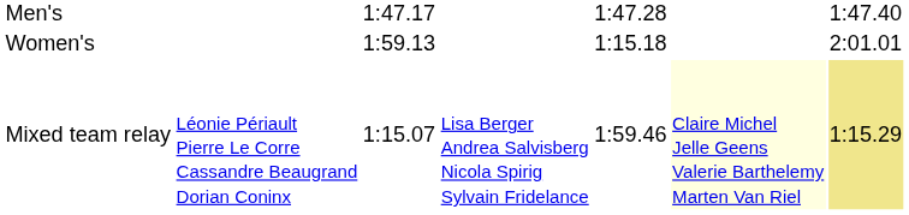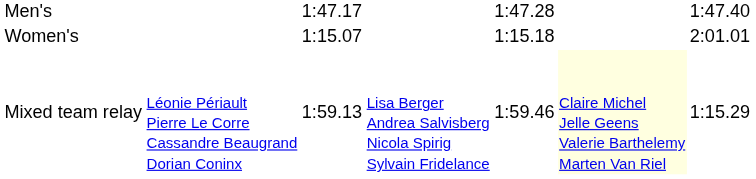 <table>
 <tr>
 <td>Men's</td>
 <td></td>
 <td>1:47.17</td>
 <td></td>
 <td>1:47.28</td>
 <td></td>
 <td>1:47.40</td>
 </tr>
 <tr>
 <td>Women's</td>
 <td></td>
-<td>1:59.13</td>
+<td>1:15.07</td>
 <td></td>
 <td>1:15.18</td>
 <td></td>
 <td>2:01.01</td>
 </tr>
 <tr>
 <td>Mixed team relay</td>
 <td><br><br><small><a href='#'>Léonie Périault</a><br> <a href='#'>Pierre Le Corre</a><br> <a href='#'>Cassandre Beaugrand</a><br> <a href='#'>Dorian Coninx</a></small></td>
-<td>1:15.07</td>
+<td>1:59.13</td>
 <td><br><br><small><a href='#'>Lisa Berger</a><br> <a href='#'>Andrea Salvisberg</a><br> <a href='#'>Nicola Spirig</a><br> <a href='#'>Sylvain Fridelance</a></small></td>
 <td>1:59.46</td>
 <td style="background: lightyellow;"><br><br><small><a href='#'>Claire Michel</a><br> <a href='#'>Jelle Geens</a><br> <a href='#'>Valerie Barthelemy</a><br> <a href='#'>Marten Van Riel</a></small></td>
-<td style="background: khaki;">1:15.29</td>
+<td>1:15.29</td>
 </tr>
 </table>
